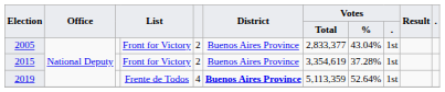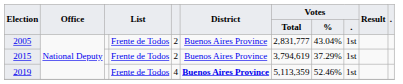 <table class="wikitable" style="font-size:90%; text-align:center;">
 <tr>
 <th style="background-color:#EAECF0;" rowspan=2>Election</th>
 <th style="background-color:#EAECF0;" rowspan=2>Office</th>
 <th style="background-color:#EAECF0;" colspan=2 rowspan=2>List</th>
 <th style="background-color:#EAECF0;" rowspan=2></th>
 <th style="background-color:#EAECF0;" rowspan=2>District</th>
 <th style="background-color:#EAECF0;" colspan=3>Votes</th>
 <th style="background-color:#EAECF0;" rowspan=2>Result</th>
 <th style="background-color:#EAECF0;" rowspan=2>.</th>
 </tr>
 <tr>
 <th style="background-color:#EAECF0;">Total</th>
 <th style="background-color:#EAECF0;">%</th>
 <th style="background-color:#EAECF0;">.</th>
 </tr>
 <tr>
 <td style="background-color:#EAECF0;"><a href='#'>2005</a></td>
 <td rowspan="3"><a href='#'>National Deputy</a></td>
 <td style="background-color:"></td>
-<td><a href='#'>Front for Victory</a></td>
+<td><a href='#'>Frente de Todos</a></td>
 <td>2</td>
 <td><a href='#'>Buenos Aires Province</a></td>
-<td>2,833,377</td>
+<td>2,831,777</td>
 <td>43.04%</td>
 <td>1st</td>
 <td></td>
 <td></td>
 </tr>
 <tr>
 <td style="background-color:#EAECF0;"><a href='#'>2015</a></td>
 <td style="background-color:"></td>
-<td><a href='#'>Front for Victory</a></td>
+<td><a href='#'>Frente de Todos</a></td>
 <td>2</td>
 <td><a href='#'>Buenos Aires Province</a></td>
-<td>3,354,619</td>
-<td>37.28%</td>
+<td>3,794,619</td>
+<td>37.29%</td>
 <td>1st</td>
 <td></td>
 <td></td>
 </tr>
 <tr>
 <td style="background-color:#EAECF0;"><a href='#'>2019</a></td>
 <td style="background-color:"></td>
 <td><a href='#'>Frente de Todos</a></td>
 <td>4</td>
 <td><strong><a href='#'>Buenos Aires Province</a></strong></td>
 <td>5,113,359</td>
-<td>52.64%</td>
+<td>52.46%</td>
 <td>1st</td>
 <td></td>
 <td></td>
 </tr>
 <tr>
 </tr>
 </table>
